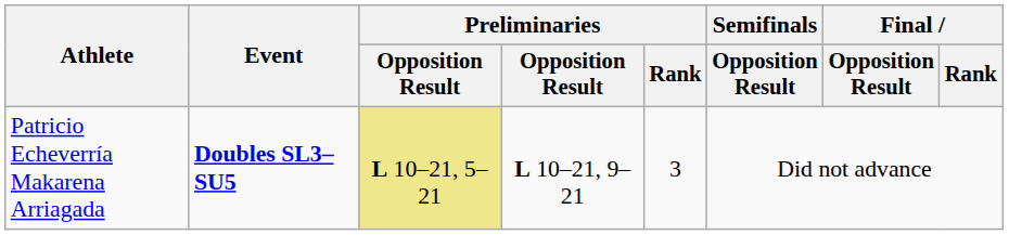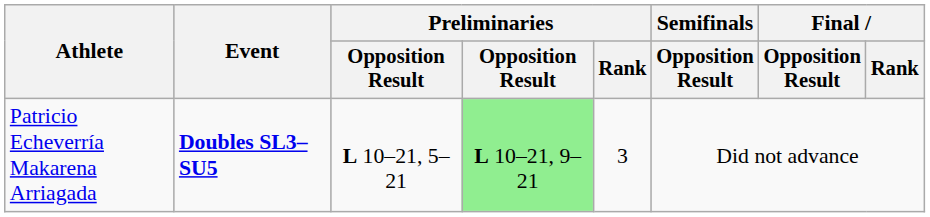 <table class=wikitable style="font-size:90%">
 <tr>
 <th rowspan="2">Athlete</th>
 <th rowspan="2">Event</th>
 <th colspan="3">Preliminaries</th>
 <th>Semifinals</th>
 <th colspan="2">Final / </th>
 </tr>
 <tr style="font-size:95%">
 <th>Opposition<br>Result</th>
 <th>Opposition<br>Result</th>
 <th>Rank</th>
 <th>Opposition<br>Result</th>
 <th>Opposition<br>Result</th>
 <th>Rank</th>
 </tr>
 <tr align=center>
 <td align=left><a href='#'>Patricio Echeverría</a><br><a href='#'>Makarena Arriagada</a></td>
 <td align=left><strong><a href='#'>Doubles SL3–SU5</a></strong></td>
-<td style="background: khaki;"><br><strong>L</strong> 10–21, 5–21</td>
-<td><br><strong>L</strong> 10–21, 9–21</td>
+<td><br><strong>L</strong> 10–21, 5–21</td>
+<td style="background: lightgreen;"><br><strong>L</strong> 10–21, 9–21</td>
 <td>3</td>
 <td colspan=3>Did not advance</td>
 </tr>
 </table>
